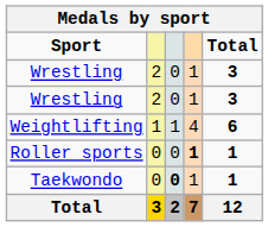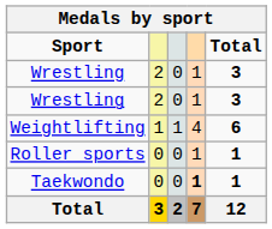 <table class=wikitable style="font-size:85%; float:right;text-align:center">
 <tr bgcolor=EFEFEF>
 <th colspan=7><strong>Medals by sport</strong></th>
 </tr>
 <tr>
 <td><strong>Sport</strong></td>
 <td bgcolor=F7F6A8></td>
 <td bgcolor=DCE5E5></td>
 <td bgcolor=FFDBA9></td>
 <td><strong>Total</strong></td>
 </tr>
 <tr>
 <td><a href='#'>Wrestling</a></td>
 <td bgcolor=F7F6A8>2</td>
 <td bgcolor=DCE5E5>0</td>
 <td bgcolor=FFDAB9>1</td>
 <td><strong>3</strong></td>
 </tr>
 <tr>
 <td><a href='#'>Wrestling</a></td>
 <td bgcolor=F7F6A8>2</td>
 <td bgcolor=DCE5E5>0</td>
 <td bgcolor=FFDAB9>1</td>
 <td><strong>3</strong></td>
 </tr>
 <tr>
 <td><a href='#'>Weightlifting</a></td>
 <td bgcolor=F7F6A8>1</td>
 <td bgcolor=DCE5E5>1</td>
 <td bgcolor=FFDAB9>4</td>
 <td><strong>6</strong></td>
 </tr>
 <tr>
 <td><a href='#'>Roller sports</a></td>
 <td bgcolor=F7F6A8>0</td>
 <td bgcolor=DCE5E5>0</td>
-<td bgcolor=FFDAB9><strong>1</strong></td>
+<td bgcolor=FFDAB9>1</td>
 <td><strong>1</strong></td>
 </tr>
 <tr>
 <td><a href='#'>Taekwondo</a></td>
 <td bgcolor=F7F6A8>0</td>
-<td bgcolor=DCE5E5><strong>0</strong></td>
-<td bgcolor=FFDAB9>1</td>
+<td bgcolor=DCE5E5>0</td>
+<td bgcolor=FFDAB9><strong>1</strong></td>
 <td><strong>1</strong></td>
 </tr>
 <tr>
 <th><strong>Total</strong></th>
 <th style=background:gold><strong>3</strong></th>
 <th style=background:silver><strong>2</strong></th>
 <th style=background:#C96><strong>7</strong></th>
 <th><strong>12</strong></th>
 </tr>
 </table>
